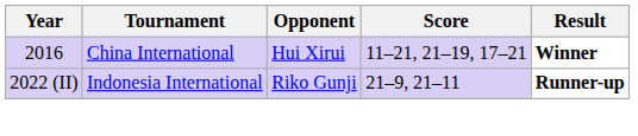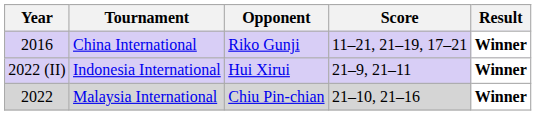 <table class="sortable wikitable" style="font-size: 90%;">
 <tr>
 <th>Year</th>
 <th>Tournament</th>
 <th>Opponent</th>
 <th>Score</th>
 <th>Result</th>
 </tr>
 <tr style="background:#D8CEF6">
 <td align="center">2016</td>
 <td align="left"><a href='#'>China International</a></td>
-<td align="left"> <a href='#'>Hui Xirui</a></td>
+<td align="left"> <a href='#'>Riko Gunji</a></td>
 <td align="left">11–21, 21–19, 17–21</td>
 <td style="text-align:left; background:white"> <strong>Winner</strong></td>
 </tr>
 <tr style="background:#D8CEF6">
 <td align="center">2022 (II)</td>
 <td align="left"><a href='#'>Indonesia International</a></td>
-<td align="left"> <a href='#'>Riko Gunji</a></td>
+<td align="left"> <a href='#'>Hui Xirui</a></td>
 <td align="left">21–9, 21–11</td>
-<td style="text-align:left; background:white"> <strong>Runner-up</strong></td>
+<td style="text-align:left; background:white"> <strong>Winner</strong></td>
+</tr>
+<tr style="background:#D5D5D5">
+<td align="center">2022</td>
+<td align="left"><a href='#'>Malaysia International</a></td>
+<td align="left"> <a href='#'>Chiu Pin-chian</a></td>
+<td align="left">21–10, 21–16</td>
+<td style="text-align:left; background:white"> <strong>Winner</strong></td>
 </tr>
 </table>
